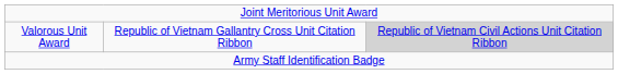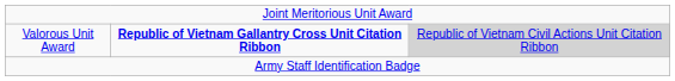 <table class="wikitable" style="margin:1em auto; text-align:center;">
 <tr>
 <td colspan="12"><a href='#'>Joint Meritorious Unit Award</a></td>
 </tr>
 <tr>
 <td><a href='#'>Valorous Unit Award</a></td>
-<td><a href='#'>Republic of Vietnam Gallantry Cross Unit Citation Ribbon</a></td>
+<td><strong><a href='#'>Republic of Vietnam Gallantry Cross Unit Citation Ribbon</a></strong></td>
 <td style="background: lightgrey;"><a href='#'>Republic of Vietnam Civil Actions Unit Citation Ribbon</a></td>
 </tr>
 <tr>
 <td colspan="12"><a href='#'>Army Staff Identification Badge</a></td>
 </tr>
 </table>
